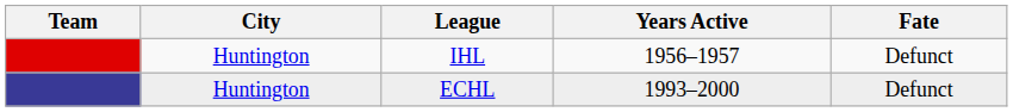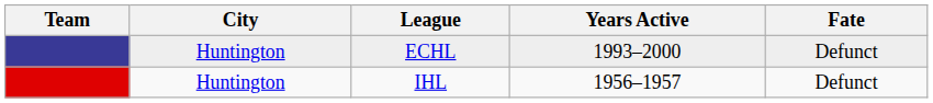 <table class="wikitable sortable" width="60%">
 <tr>
 <th>Team</th>
 <th>City</th>
 <th>League</th>
 <th>Years Active</th>
 <th>Fate</th>
 </tr>
+<tr align=center bgcolor=eeeeee>
+<td style="color:white; background:#393996; "><strong><a href='#'></a></strong></td>
+<td><a href='#'>Huntington</a></td>
+<td><a href='#'>ECHL</a></td>
+<td>1993–2000</td>
+<td>Defunct</td>
+</tr>
 <tr align=center>
 <td style="color:white; background:#df0101"><strong><a href='#'></a></strong></td>
 <td><a href='#'>Huntington</a></td>
 <td><a href='#'>IHL</a></td>
 <td>1956–1957</td>
 <td>Defunct</td>
 </tr>
-<tr align=center bgcolor=eeeeee>
-<td style="color:white; background:#393996; "><strong><a href='#'></a></strong></td>
-<td><a href='#'>Huntington</a></td>
-<td><a href='#'>ECHL</a></td>
-<td>1993–2000</td>
-<td>Defunct</td>
-</tr>
 </table>
